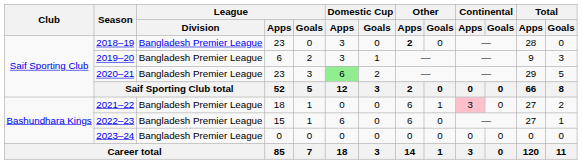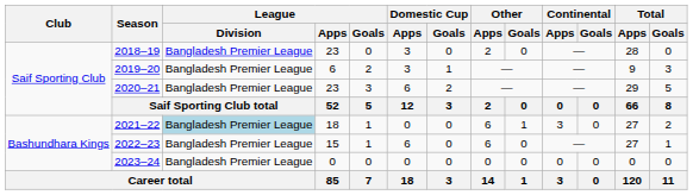 <table class="wikitable" style="text-align: center;">
 <tr>
 <th rowspan="2">Club</th>
 <th rowspan="2">Season</th>
 <th colspan="3">League</th>
 <th colspan="2">Domestic Cup</th>
 <th colspan="2">Other</th>
 <th colspan="2">Continental</th>
 <th colspan="2">Total</th>
 </tr>
 <tr>
 <th>Division</th>
 <th>Apps</th>
 <th>Goals</th>
 <th>Apps</th>
 <th>Goals</th>
 <th>Apps</th>
 <th>Goals</th>
 <th>Apps</th>
 <th>Goals</th>
 <th>Apps</th>
 <th>Goals</th>
 </tr>
 <tr>
 <td rowspan="4"><a href='#'>Saif Sporting Club</a></td>
 <td><a href='#'>2018–19</a></td>
 <td><a href='#'>Bangladesh Premier League</a></td>
 <td>23</td>
 <td>0</td>
 <td>3</td>
 <td>0</td>
-<td><strong>2</strong></td>
+<td>2</td>
 <td>0</td>
 <td colspan="2">—</td>
 <td>28</td>
 <td>0</td>
 </tr>
 <tr>
 <td><a href='#'>2019–20</a></td>
 <td>Bangladesh Premier League</td>
 <td>6</td>
 <td>2</td>
 <td>3</td>
 <td>1</td>
 <td colspan="2">—</td>
 <td colspan="2">—</td>
 <td>9</td>
 <td>3</td>
 </tr>
 <tr>
 <td><a href='#'>2020–21</a></td>
 <td>Bangladesh Premier League</td>
 <td>23</td>
 <td>3</td>
-<td style="background: lightgreen;">6</td>
+<td>6</td>
 <td>2</td>
 <td colspan="2">—</td>
 <td colspan="2">—</td>
 <td>29</td>
 <td>5</td>
 </tr>
 <tr>
 <th colspan="2"><strong>Saif Sporting Club total</strong></th>
 <th>52</th>
 <th>5</th>
 <th>12</th>
 <th>3</th>
 <th>2</th>
 <th>0</th>
 <th>0</th>
 <th>0</th>
 <th>66</th>
 <th>8</th>
 </tr>
 <tr>
 <td rowspan=3><a href='#'>Bashundhara Kings</a></td>
 <td><a href='#'>2021–22</a></td>
-<td>Bangladesh Premier League</td>
+<td style="background: lightblue;">Bangladesh Premier League</td>
 <td>18</td>
 <td>1</td>
 <td>0</td>
 <td>0</td>
 <td>6</td>
 <td>1</td>
-<td style="background: pink;">3</td>
+<td>3</td>
 <td>0</td>
 <td>27</td>
 <td>2</td>
 </tr>
 <tr>
 <td><a href='#'>2022–23</a></td>
 <td>Bangladesh Premier League</td>
 <td>15</td>
 <td>1</td>
 <td>6</td>
 <td>0</td>
 <td>6</td>
 <td>0</td>
 <td colspan="2">—</td>
 <td>27</td>
 <td>1</td>
 </tr>
 <tr>
 <td><a href='#'>2023–24</a></td>
 <td>Bangladesh Premier League</td>
 <td>0</td>
 <td>0</td>
 <td>0</td>
 <td>0</td>
 <td>0</td>
 <td>0</td>
 <td>0</td>
 <td>0</td>
 <td>0</td>
 <td>0</td>
 </tr>
 <tr>
 <th colspan="3"><strong>Career total</strong></th>
 <th>85</th>
 <th>7</th>
 <th>18</th>
 <th>3</th>
 <th>14</th>
 <th>1</th>
 <th>3</th>
 <th>0</th>
 <th>120</th>
 <th>11</th>
 </tr>
 </table>
